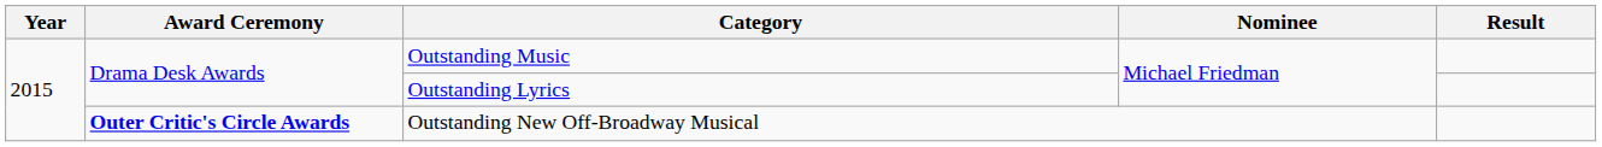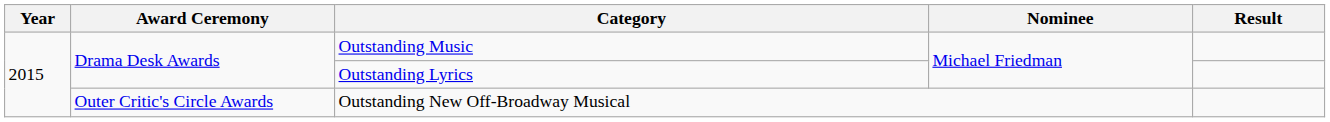 <table class="wikitable" width="95%">
 <tr>
 <th width="5%">Year</th>
 <th width="20%">Award Ceremony</th>
 <th width="45%">Category</th>
 <th width="20%">Nominee</th>
 <th width="10%">Result</th>
 </tr>
 <tr>
 <td rowspan="3">2015</td>
 <td rowspan="2"><a href='#'>Drama Desk Awards</a></td>
 <td><a href='#'>Outstanding Music</a></td>
 <td rowspan="2"><a href='#'>Michael Friedman</a></td>
 <td></td>
 </tr>
 <tr>
 <td><a href='#'>Outstanding Lyrics</a></td>
 <td></td>
 </tr>
 <tr>
-<td><strong><a href='#'>Outer Critic's Circle Awards</a></strong></td>
+<td><a href='#'>Outer Critic's Circle Awards</a></td>
 <td colspan="2">Outstanding New Off-Broadway Musical</td>
 <td></td>
 </tr>
 </table>
